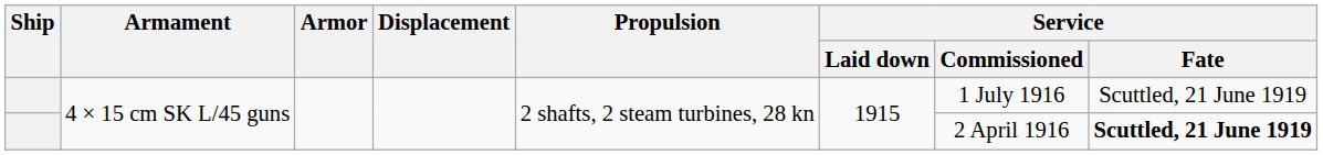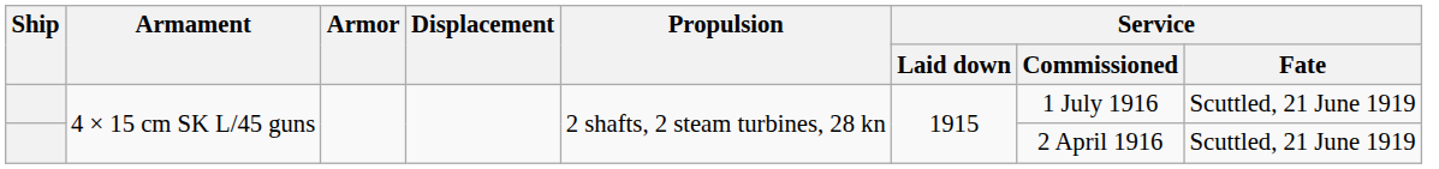 <table class="wikitable plainrowheaders" style="text-align: center;">
 <tr valign="top">
 <th scope="col" rowspan="2">Ship</th>
 <th scope="col" rowspan="2">Armament</th>
 <th scope="col" rowspan="2">Armor</th>
 <th scope="col" rowspan="2">Displacement</th>
 <th scope="col" rowspan="2">Propulsion</th>
 <th scope="col" colspan="3">Service</th>
 </tr>
 <tr valign="top">
 <th scope="col">Laid down</th>
 <th scope="col">Commissioned</th>
 <th scope="col">Fate</th>
 </tr>
 <tr valign="center">
 <th scope="row"></th>
 <td rowspan="2">4 × 15 cm SK L/45 guns</td>
 <td rowspan="2"></td>
 <td rowspan="2"></td>
 <td rowspan="2">2 shafts, 2 steam turbines, 28 kn</td>
 <td rowspan="2">1915</td>
 <td>1 July 1916</td>
 <td>Scuttled, 21 June 1919</td>
 </tr>
 <tr valign="center">
 <th scope="row"></th>
 <td>2 April 1916</td>
-<td><strong>Scuttled, 21 June 1919</strong></td>
+<td>Scuttled, 21 June 1919</td>
 </tr>
 </table>
